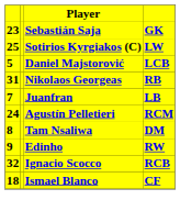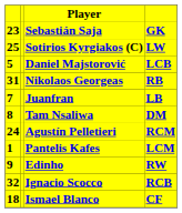 <table class="toccolours" border="0" cellpadding="2" cellspacing="0" align="center" style="margin: 0.5em 0 1em 1em; background: #000000; border: 1px #aaaaaa solid;">
 <tr bgcolor=#FFFF00>
 <th></th>
 <th></th>
 <th>Player</th>
 <th></th>
 </tr>
 <tr bgcolor=#FFFF00>
 <td><strong>23</strong></td>
 <td></td>
 <td><a href='#'><span><strong>Sebastián Saja</strong></span></a></td>
 <td><a href='#'><strong>GK</strong></a></td>
 </tr>
 <tr bgcolor=#FFFF00>
 <td><strong>25</strong></td>
 <td></td>
 <td><a href='#'><span><strong>Sotirios Kyrgiakos</strong></span></a> <strong>(C)</strong></td>
 <td><a href='#'><strong>LW</strong></a></td>
 </tr>
 <tr bgcolor=#FFFF00>
 <td><strong>5</strong></td>
 <td></td>
 <td><a href='#'><span><strong>Daniel Majstorović</strong></span></a></td>
 <td><a href='#'><strong>LCB</strong></a></td>
 </tr>
 <tr bgcolor=#FFFF00>
 <td><strong>31</strong></td>
 <td></td>
 <td><a href='#'><span><strong>Nikolaos Georgeas</strong></span></a></td>
 <td><a href='#'><strong>RB</strong></a></td>
 </tr>
 <tr bgcolor=#FFFF00>
 <td><strong>7</strong></td>
 <td></td>
 <td><a href='#'><span><strong>Juanfran</strong></span></a></td>
 <td><a href='#'><strong>LB</strong></a></td>
 </tr>
 <tr bgcolor=#FFFF00>
+<td><strong>8</strong></td>
+<td></td>
+<td><a href='#'><span><strong>Tam Nsaliwa</strong></span></a></td>
+<td><a href='#'><strong>DM</strong></a></td>
+</tr>
+<tr bgcolor=#FFFF00>
 <td><strong>24</strong></td>
 <td></td>
 <td><a href='#'><span><strong>Agustín Pelletieri</strong></span></a></td>
 <td><a href='#'><strong>RCM</strong></a></td>
 </tr>
 <tr bgcolor=#FFFF00>
-<td><strong>8</strong></td>
+<td><strong>1</strong></td>
 <td></td>
-<td><a href='#'><span><strong>Tam Nsaliwa</strong></span></a></td>
-<td><a href='#'><strong>DM</strong></a></td>
+<td><a href='#'><span><strong>Pantelis Kafes</strong></span></a></td>
+<td><a href='#'><strong>LCM</strong></a></td>
 </tr>
 <tr bgcolor=#FFFF00>
 <td><strong>9</strong></td>
 <td></td>
 <td><a href='#'><span><strong>Edinho</strong></span></a></td>
 <td><a href='#'><strong>RW</strong></a></td>
 </tr>
 <tr bgcolor=#FFFF00>
 <td><strong>32</strong></td>
 <td></td>
 <td><a href='#'><span><strong>Ignacio Scocco</strong></span></a></td>
 <td><a href='#'><strong>RCB</strong></a></td>
 </tr>
 <tr bgcolor=#FFFF00>
 <td><strong>18</strong></td>
 <td></td>
 <td><a href='#'><span><strong>Ismael Blanco</strong></span></a></td>
 <td><a href='#'><strong>CF</strong></a></td>
 </tr>
 </table>
